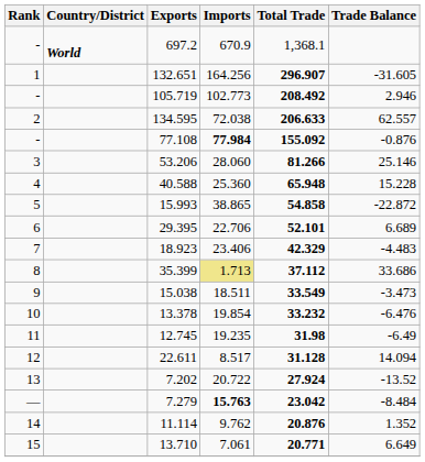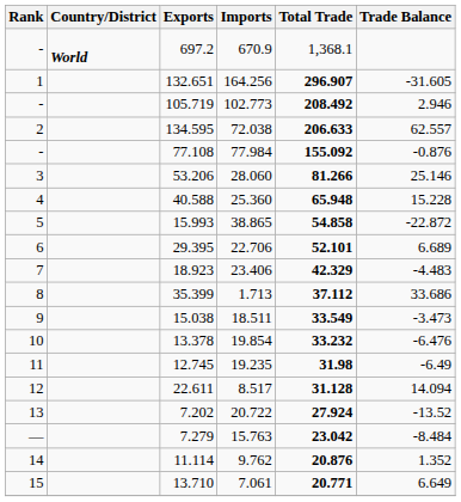 <table class="wikitable sortable" style="text-align: right">
 <tr>
 <th>Rank</th>
 <th>Country/District</th>
 <th>Exports</th>
 <th>Imports</th>
 <th>Total Trade</th>
 <th>Trade Balance</th>
 </tr>
 <tr>
 <td>-</td>
 <td align="left"><br><strong><em>World</em></strong></td>
 <td>697.2</td>
 <td>670.9</td>
 <td>1,368.1</td>
 <td></td>
 </tr>
 <tr>
 <td>1</td>
 <td align="left"></td>
 <td>132.651</td>
 <td>164.256</td>
 <td><strong>296.907</strong></td>
 <td>-31.605</td>
 </tr>
 <tr>
 <td>-</td>
 <td align="left"></td>
 <td>105.719</td>
 <td>102.773</td>
 <td><strong>208.492</strong></td>
 <td>2.946</td>
 </tr>
 <tr>
 <td>2</td>
 <td align="left"></td>
 <td>134.595</td>
 <td>72.038</td>
 <td><strong>206.633</strong></td>
 <td>62.557</td>
 </tr>
 <tr>
 <td>-</td>
 <td align="left"></td>
 <td>77.108</td>
-<td><strong>77.984</strong></td>
+<td>77.984</td>
 <td><strong>155.092</strong></td>
 <td>-0.876</td>
 </tr>
 <tr>
 <td>3</td>
 <td align="left"></td>
 <td>53.206</td>
 <td>28.060</td>
 <td><strong>81.266</strong></td>
 <td>25.146</td>
 </tr>
 <tr>
 <td>4</td>
 <td align="left"></td>
 <td>40.588</td>
 <td>25.360</td>
 <td><strong>65.948</strong></td>
 <td>15.228</td>
 </tr>
 <tr>
 <td>5</td>
 <td align="left"></td>
 <td>15.993</td>
 <td>38.865</td>
 <td><strong>54.858</strong></td>
 <td>-22.872</td>
 </tr>
 <tr>
 <td>6</td>
 <td align="left"></td>
 <td>29.395</td>
 <td>22.706</td>
 <td><strong>52.101</strong></td>
 <td>6.689</td>
 </tr>
 <tr>
 <td>7</td>
 <td align="left"></td>
 <td>18.923</td>
 <td>23.406</td>
 <td><strong>42.329</strong></td>
 <td>-4.483</td>
 </tr>
 <tr>
 <td>8</td>
 <td align="left"></td>
 <td>35.399</td>
-<td style="background: khaki;">1.713</td>
+<td>1.713</td>
 <td><strong>37.112</strong></td>
 <td>33.686</td>
 </tr>
 <tr>
 <td>9</td>
 <td align="left"></td>
 <td>15.038</td>
 <td>18.511</td>
 <td><strong>33.549</strong></td>
 <td>-3.473</td>
 </tr>
 <tr>
 <td>10</td>
 <td align="left"></td>
 <td>13.378</td>
 <td>19.854</td>
 <td><strong>33.232</strong></td>
 <td>-6.476</td>
 </tr>
 <tr>
 <td>11</td>
 <td align="left"></td>
 <td>12.745</td>
 <td>19.235</td>
 <td><strong>31.98</strong></td>
 <td>-6.49</td>
 </tr>
 <tr>
 <td>12</td>
 <td align="left"></td>
 <td>22.611</td>
 <td>8.517</td>
 <td><strong>31.128</strong></td>
 <td>14.094</td>
 </tr>
 <tr>
 <td>13</td>
 <td align="left"></td>
 <td>7.202</td>
 <td>20.722</td>
 <td><strong>27.924</strong></td>
 <td>-13.52</td>
 </tr>
 <tr>
 <td>—</td>
 <td align="left"></td>
 <td>7.279</td>
-<td><strong>15.763</strong></td>
+<td>15.763</td>
 <td><strong>23.042</strong></td>
 <td>-8.484</td>
 </tr>
 <tr>
 <td>14</td>
 <td align="left"></td>
 <td>11.114</td>
 <td>9.762</td>
 <td><strong>20.876</strong></td>
 <td>1.352</td>
 </tr>
 <tr>
 <td>15</td>
 <td align="left"></td>
 <td>13.710</td>
 <td>7.061</td>
 <td><strong>20.771</strong></td>
 <td>6.649</td>
 </tr>
 <tr>
 </tr>
 </table>
